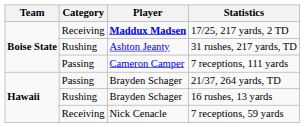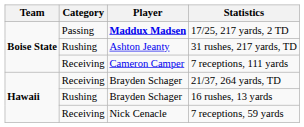 <table class="wikitable" style="float: right;">
 <tr>
 <th>Team</th>
 <th>Category</th>
 <th>Player</th>
 <th>Statistics</th>
 </tr>
 <tr>
 <td rowspan=3><strong>Boise State</strong></td>
-<td>Receiving</td>
+<td>Passing</td>
 <td><strong><a href='#'>Maddux Madsen</a></strong></td>
 <td>17/25, 217 yards, 2 TD</td>
 </tr>
 <tr>
 <td>Rushing</td>
 <td><a href='#'>Ashton Jeanty</a></td>
 <td>31 rushes, 217 yards, TD</td>
 </tr>
 <tr>
-<td>Passing</td>
+<td>Receiving</td>
 <td><a href='#'>Cameron Camper</a></td>
 <td>7 receptions, 111 yards</td>
 </tr>
 <tr>
 <td rowspan=3><strong>Hawaii</strong></td>
-<td>Passing</td>
+<td>Receiving</td>
 <td>Brayden Schager</td>
 <td>21/37, 264 yards, TD</td>
 </tr>
 <tr>
 <td>Rushing</td>
 <td>Brayden Schager</td>
 <td>16 rushes, 13 yards</td>
 </tr>
 <tr>
 <td>Receiving</td>
 <td>Nick Cenacle</td>
 <td>7 receptions, 59 yards</td>
 </tr>
 </table>
